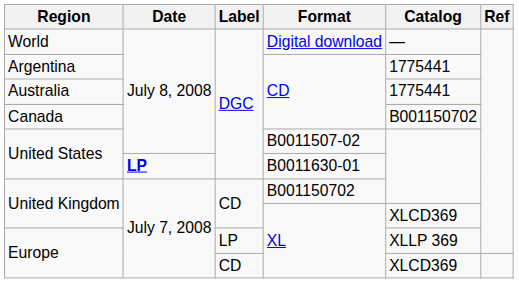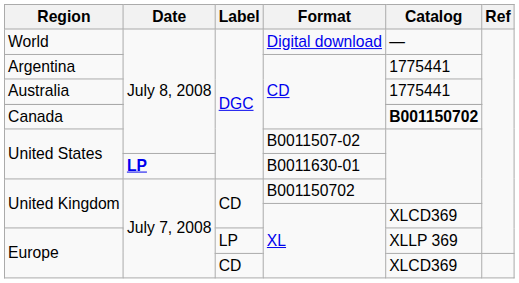 <table class="wikitable">
 <tr>
 <th>Region</th>
 <th>Date</th>
 <th>Label</th>
 <th>Format</th>
 <th>Catalog</th>
 <th>Ref</th>
 </tr>
 <tr>
 <td>World</td>
 <td rowspan="6">July 8, 2008</td>
 <td rowspan="7"><a href='#'>DGC</a></td>
 <td><a href='#'>Digital download</a></td>
 <td>—</td>
 <td rowspan="11"></td>
 </tr>
 <tr>
 <td>Argentina</td>
 <td rowspan="4"><a href='#'>CD</a></td>
 <td>1775441</td>
 </tr>
 <tr>
 <td>Australia</td>
 <td>1775441</td>
 </tr>
 <tr>
 </tr>
 <tr>
 <td>Canada</td>
-<td>B001150702</td>
+<td><strong>B001150702</strong></td>
 </tr>
 <tr>
 <td rowspan="2">United States</td>
 <td>B0011507-02</td>
 </tr>
 <tr>
 <td><strong><a href='#'>LP</a></strong></td>
 <td>B0011630-01</td>
 </tr>
 <tr>
 <td rowspan="3">United Kingdom</td>
 <td rowspan="5">July 7, 2008</td>
 <td rowspan="2">CD</td>
 <td>B001150702</td>
 </tr>
 <tr>
 <td rowspan="4"><a href='#'>XL</a></td>
 <td>XLCD369</td>
 </tr>
 <tr>
 <td rowspan="2">LP</td>
 <td rowspan="2">XLLP 369</td>
 </tr>
 <tr>
 <td rowspan="2">Europe</td>
 </tr>
 <tr>
 <td>CD</td>
 <td>XLCD369</td>
 </tr>
 </table>
